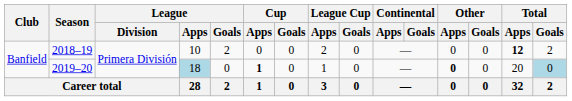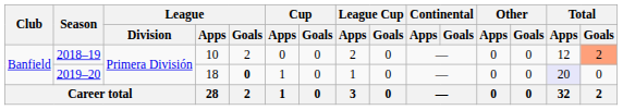 <table class="wikitable" style="text-align:center">
 <tr>
 <th rowspan="2">Club</th>
 <th rowspan="2">Season</th>
 <th colspan="3">League</th>
 <th colspan="2">Cup</th>
 <th colspan="2">League Cup</th>
 <th colspan="2">Continental</th>
 <th colspan="2">Other</th>
 <th colspan="2">Total</th>
 </tr>
 <tr>
 <th>Division</th>
 <th>Apps</th>
 <th>Goals</th>
 <th>Apps</th>
 <th>Goals</th>
 <th>Apps</th>
 <th>Goals</th>
 <th>Apps</th>
 <th>Goals</th>
 <th>Apps</th>
 <th>Goals</th>
 <th>Apps</th>
 <th>Goals</th>
 </tr>
 <tr>
 <td rowspan="2"><a href='#'>Banfield</a></td>
 <td><a href='#'>2018–19</a></td>
 <td rowspan="2"><a href='#'>Primera División</a></td>
 <td>10</td>
 <td>2</td>
 <td>0</td>
 <td>0</td>
 <td>2</td>
 <td>0</td>
 <td colspan="2">—</td>
 <td>0</td>
 <td>0</td>
-<td><strong>12</strong></td>
-<td>2</td>
+<td>12</td>
+<td style="background: lightsalmon;">2</td>
 </tr>
 <tr>
 <td><a href='#'>2019–20</a></td>
-<td style="background: lightblue;">18</td>
-<td>0</td>
-<td><strong>1</strong></td>
+<td>18</td>
+<td><strong>0</strong></td>
+<td>1</td>
 <td>0</td>
 <td>1</td>
 <td>0</td>
 <td colspan="2">—</td>
-<td><strong>0</strong></td>
 <td>0</td>
-<td>20</td>
-<td style="background: lightblue;">0</td>
+<td>0</td>
+<td style="background: lavender;">20</td>
+<td>0</td>
 </tr>
 <tr>
 <th colspan="3">Career total</th>
 <th>28</th>
 <th>2</th>
 <th>1</th>
 <th>0</th>
 <th>3</th>
 <th>0</th>
 <th colspan="2">—</th>
 <th>0</th>
 <th>0</th>
 <th>32</th>
 <th>2</th>
 </tr>
 </table>
